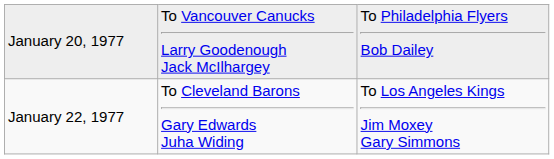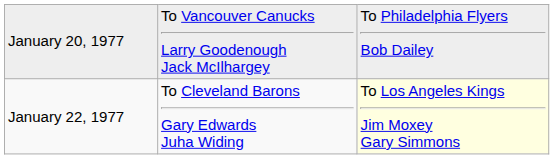 <table class="wikitable" style="border:1px solid #999; width:580px;">
 <tr style="background:#eee;">
 <td>January 20, 1977</td>
 <td valign="top">To <a href='#'>Vancouver Canucks</a><hr><a href='#'>Larry Goodenough</a><br><a href='#'>Jack McIlhargey</a></td>
 <td valign="top">To <a href='#'>Philadelphia Flyers</a><hr><a href='#'>Bob Dailey</a></td>
 </tr>
 <tr>
 <td>January 22, 1977</td>
 <td valign="top">To <a href='#'>Cleveland Barons</a><hr><a href='#'>Gary Edwards</a><br><a href='#'>Juha Widing</a></td>
-<td valign="top">To <a href='#'>Los Angeles Kings</a><hr><a href='#'>Jim Moxey</a><br><a href='#'>Gary Simmons</a></td>
+<td valign="top" style="background: lightyellow;">To <a href='#'>Los Angeles Kings</a><hr><a href='#'>Jim Moxey</a><br><a href='#'>Gary Simmons</a></td>
 </tr>
 </table>
